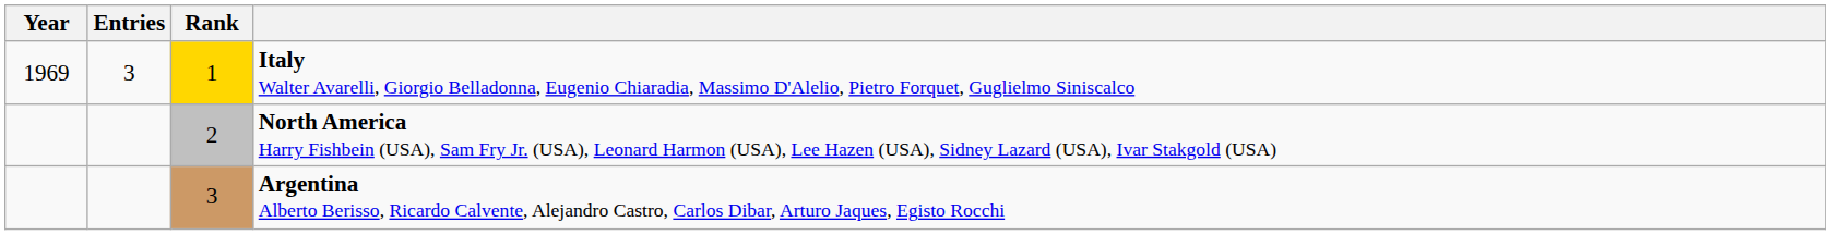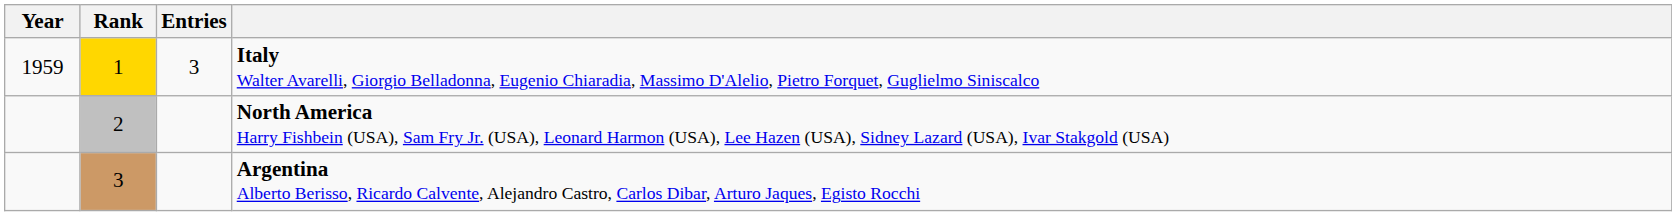 <table class="wikitable" style="width:100%; text-align:center;">
 <tr>
 <th>Year</th>
+<th>Rank</th>
 <th>Entries</th>
-<th>Rank</th>
 <th></th>
 </tr>
 <tr>
-<td width=50>1969</td>
+<td width=50>1959</td>
+<td style="background:gold; width:50px;">1</td>
 <td align=center width=50>3</td>
-<td style="background:gold; width:50px;">1</td>
 <td align=left> <strong>Italy</strong><br><small><a href='#'>Walter Avarelli</a>, <a href='#'>Giorgio Belladonna</a>, <a href='#'>Eugenio Chiaradia</a>, <a href='#'>Massimo D'Alelio</a>, <a href='#'>Pietro Forquet</a>, <a href='#'>Guglielmo Siniscalco</a></small></td>
 </tr>
 <tr>
 <td></td>
+<td style="background:silver;">2</td>
 <td></td>
-<td style="background:silver;">2</td>
 <td align=left> <strong>North America</strong><br><small><a href='#'>Harry Fishbein</a> (USA), <a href='#'>Sam Fry Jr.</a> (USA), <a href='#'>Leonard Harmon</a> (USA), <a href='#'>Lee Hazen</a> (USA), <a href='#'>Sidney Lazard</a> (USA), <a href='#'>Ivar Stakgold</a> (USA)</small></td>
 </tr>
 <tr>
 <td></td>
+<td style="background:#c96;">3</td>
 <td></td>
-<td style="background:#c96;">3</td>
 <td align=left> <strong>Argentina</strong><br><small><a href='#'>Alberto Berisso</a>, <a href='#'>Ricardo Calvente</a>, Alejandro Castro, <a href='#'>Carlos Dibar</a>, <a href='#'>Arturo Jaques</a>, <a href='#'>Egisto Rocchi</a></small></td>
 </tr>
 </table>
